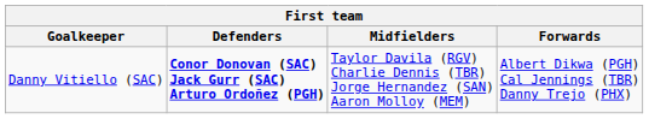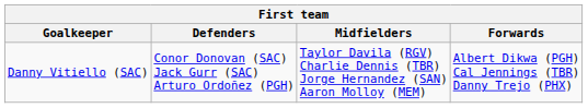 <table class="wikitable">
 <tr>
 <th colspan="4">First team</th>
 </tr>
 <tr>
 <th>Goalkeeper</th>
 <th>Defenders</th>
 <th>Midfielders</th>
 <th>Forwards</th>
 </tr>
 <tr>
 <td> <a href='#'>Danny Vitiello</a> (<a href='#'>SAC</a>)</td>
-<td><strong> <a href='#'>Conor Donovan</a> (<a href='#'>SAC</a>)<br> <a href='#'>Jack Gurr</a> (<a href='#'>SAC</a>)<br> <a href='#'>Arturo Ordoñez</a> (<a href='#'>PGH</a>)</strong></td>
+<td> <a href='#'>Conor Donovan</a> (<a href='#'>SAC</a>)<br> <a href='#'>Jack Gurr</a> (<a href='#'>SAC</a>)<br> <a href='#'>Arturo Ordoñez</a> (<a href='#'>PGH</a>)</td>
 <td> <a href='#'>Taylor Davila</a> (<a href='#'>RGV</a>)<br> <a href='#'>Charlie Dennis</a> (<a href='#'>TBR</a>)<br> <a href='#'>Jorge Hernandez</a> (<a href='#'>SAN</a>)<br> <a href='#'>Aaron Molloy</a> (<a href='#'>MEM</a>)</td>
 <td> <a href='#'>Albert Dikwa</a> (<a href='#'>PGH</a>)<br> <a href='#'>Cal Jennings</a> (<a href='#'>TBR</a>)<br> <a href='#'>Danny Trejo</a> (<a href='#'>PHX</a>)</td>
 </tr>
 </table>
